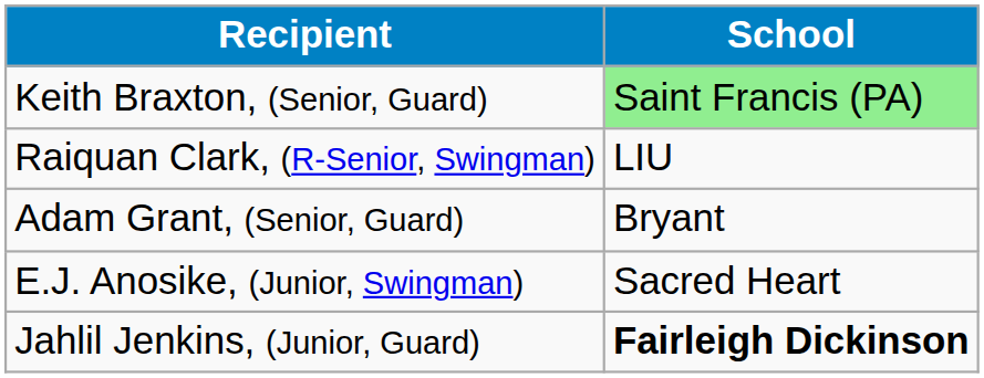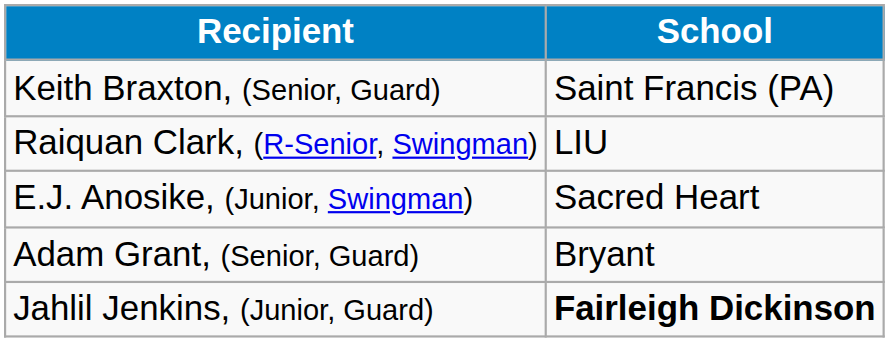 <table class="wikitable" border="1">
 <tr>
 <th align="center" style="background:#0081C4; color:#FFFFFF;">Recipient</th>
 <th align="center" style="background:#0081C4; color:#FFFFFF;">School</th>
 </tr>
 <tr>
 <td>Keith Braxton, <small>(Senior, Guard)</small></td>
-<td style="background: lightgreen;">Saint Francis (PA)</td>
+<td>Saint Francis (PA)</td>
 </tr>
 <tr>
 <td>Raiquan Clark, <small>(<a href='#'>R-Senior</a>, <a href='#'>Swingman</a>)</small></td>
 <td>LIU</td>
 </tr>
 <tr>
+<td>E.J. Anosike, <small>(Junior, <a href='#'>Swingman</a>)</small></td>
+<td>Sacred Heart</td>
+</tr>
+<tr>
 <td>Adam Grant, <small>(Senior, Guard)</small></td>
 <td>Bryant</td>
-</tr>
-<tr>
-<td>E.J. Anosike, <small>(Junior, <a href='#'>Swingman</a>)</small></td>
-<td>Sacred Heart</td>
 </tr>
 <tr>
 <td>Jahlil Jenkins, <small>(Junior, Guard)</small></td>
 <td><strong>Fairleigh Dickinson</strong></td>
 </tr>
 </table>
